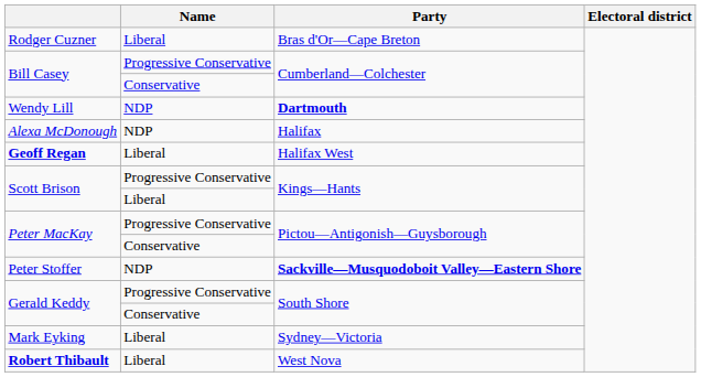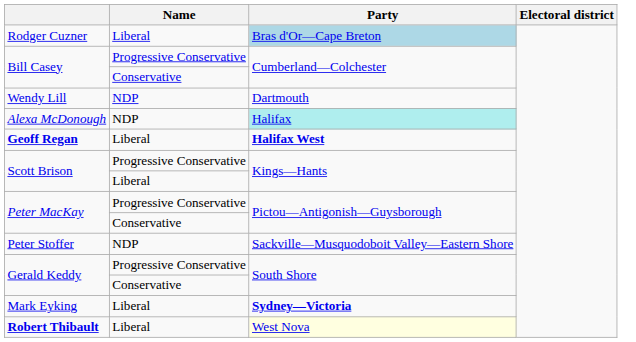 <table class="wikitable">
 <tr>
 <th></th>
 <th>Name</th>
 <th>Party</th>
 <th>Electoral district</th>
 </tr>
 <tr>
 <td><a href='#'>Rodger Cuzner</a></td>
 <td><a href='#'>Liberal</a></td>
-<td><a href='#'>Bras d'Or—Cape Breton</a></td>
+<td style="background: lightblue;"><a href='#'>Bras d'Or—Cape Breton</a></td>
 </tr>
 <tr>
 <td rowspan="2"><a href='#'>Bill Casey</a></td>
 <td><a href='#'>Progressive Conservative</a></td>
 <td rowspan="2"><a href='#'>Cumberland—Colchester</a></td>
 </tr>
 <tr>
 <td><a href='#'>Conservative</a></td>
 </tr>
 <tr>
 <td><a href='#'>Wendy Lill</a></td>
 <td><a href='#'>NDP</a></td>
-<td><strong><a href='#'>Dartmouth</a></strong></td>
+<td><a href='#'>Dartmouth</a></td>
 </tr>
 <tr>
 <td><em><a href='#'>Alexa McDonough</a></em></td>
 <td>NDP</td>
-<td><a href='#'>Halifax</a></td>
+<td style="background: paleturquoise;"><a href='#'>Halifax</a></td>
 </tr>
 <tr>
 <td><strong><a href='#'>Geoff Regan</a></strong></td>
 <td>Liberal</td>
-<td><a href='#'>Halifax West</a></td>
+<td><strong><a href='#'>Halifax West</a></strong></td>
 </tr>
 <tr>
 <td rowspan="2"><a href='#'>Scott Brison</a></td>
 <td>Progressive Conservative</td>
 <td rowspan="2"><a href='#'>Kings—Hants</a></td>
 </tr>
 <tr>
 <td>Liberal</td>
 </tr>
 <tr>
 <td rowspan="2"><em><a href='#'>Peter MacKay</a></em></td>
 <td>Progressive Conservative</td>
 <td rowspan="2"><a href='#'>Pictou—Antigonish—Guysborough</a></td>
 </tr>
 <tr>
 <td>Conservative</td>
 </tr>
 <tr>
 <td><a href='#'>Peter Stoffer</a></td>
 <td>NDP</td>
-<td><strong><a href='#'>Sackville—Musquodoboit Valley—Eastern Shore</a></strong></td>
+<td><a href='#'>Sackville—Musquodoboit Valley—Eastern Shore</a></td>
 </tr>
 <tr>
 <td rowspan="2"><a href='#'>Gerald Keddy</a></td>
 <td>Progressive Conservative</td>
 <td rowspan="2"><a href='#'>South Shore</a></td>
 </tr>
 <tr>
 <td>Conservative</td>
 </tr>
 <tr>
 <td><a href='#'>Mark Eyking</a></td>
 <td>Liberal</td>
-<td><a href='#'>Sydney—Victoria</a></td>
+<td><strong><a href='#'>Sydney—Victoria</a></strong></td>
 </tr>
 <tr>
 <td><strong><a href='#'>Robert Thibault</a></strong></td>
 <td>Liberal</td>
-<td><a href='#'>West Nova</a></td>
+<td style="background: lightyellow;"><a href='#'>West Nova</a></td>
 </tr>
 </table>
